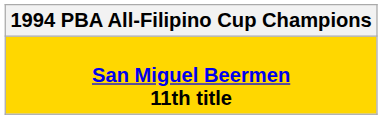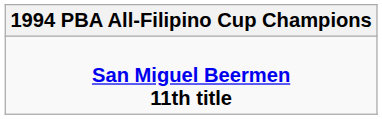 <table class=wikitable style="text-align:center; margin:auto">
 <tr>
 <th>1994 PBA All-Filipino Cup Champions</th>
 </tr>
 <tr>
-<td style="background: gold;"><br> <strong><a href='#'>San Miguel Beermen</a></strong> <br> <strong>11th title</strong></td>
+<td><br> <strong><a href='#'>San Miguel Beermen</a></strong> <br> <strong>11th title</strong></td>
 </tr>
 </table>
